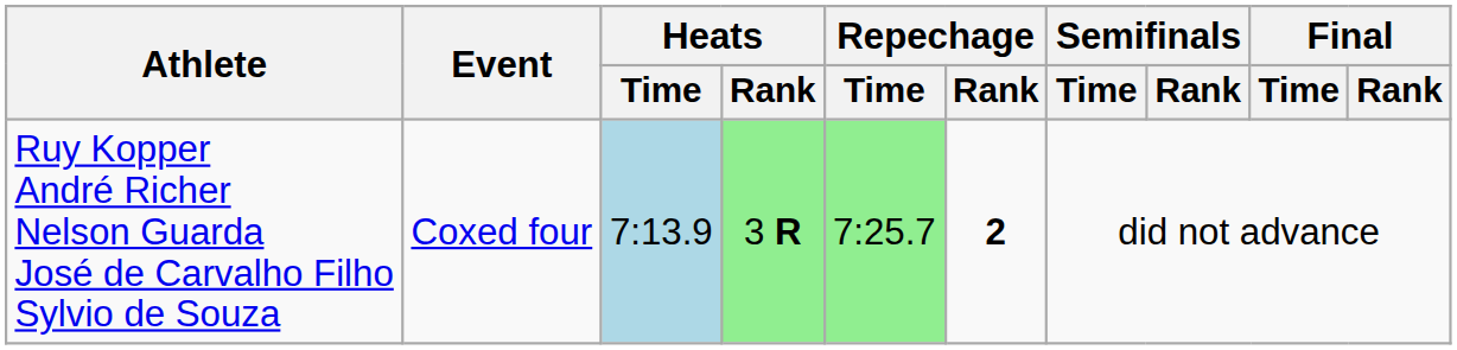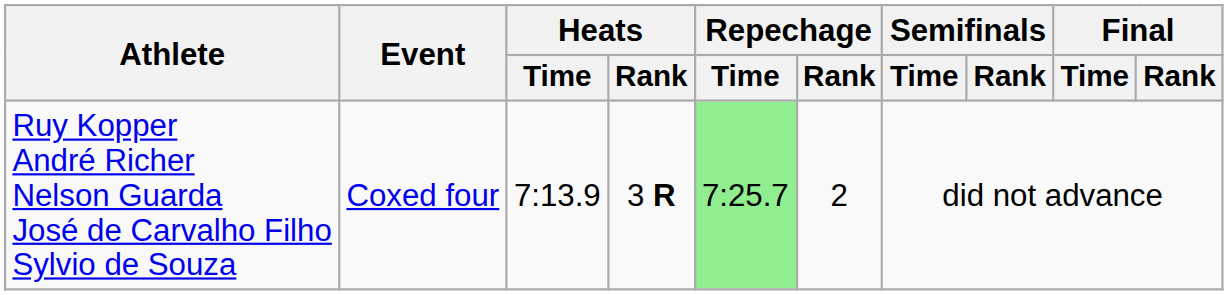 <table class="wikitable" style="font-size:90%">
 <tr>
 <th rowspan="2">Athlete</th>
 <th rowspan="2">Event</th>
 <th colspan="2">Heats</th>
 <th colspan="2">Repechage</th>
 <th colspan="2">Semifinals</th>
 <th colspan="2">Final</th>
 </tr>
 <tr style="font-size:95%">
 <th>Time</th>
 <th>Rank</th>
 <th>Time</th>
 <th>Rank</th>
 <th>Time</th>
 <th>Rank</th>
 <th>Time</th>
 <th>Rank</th>
 </tr>
 <tr align=center>
 <td align=left><a href='#'>Ruy Kopper</a><br><a href='#'>André Richer</a><br><a href='#'>Nelson Guarda</a><br><a href='#'>José de Carvalho Filho</a><br><a href='#'>Sylvio de Souza</a></td>
 <td align=left><a href='#'>Coxed four</a></td>
-<td style="background: lightblue;">7:13.9</td>
-<td style="background: lightgreen;">3 <strong>R</strong></td>
+<td>7:13.9</td>
+<td>3 <strong>R</strong></td>
 <td style="background: lightgreen;">7:25.7</td>
-<td><strong>2</strong></td>
+<td>2</td>
 <td colspan="4"  align="center">did not advance</td>
 </tr>
 </table>
